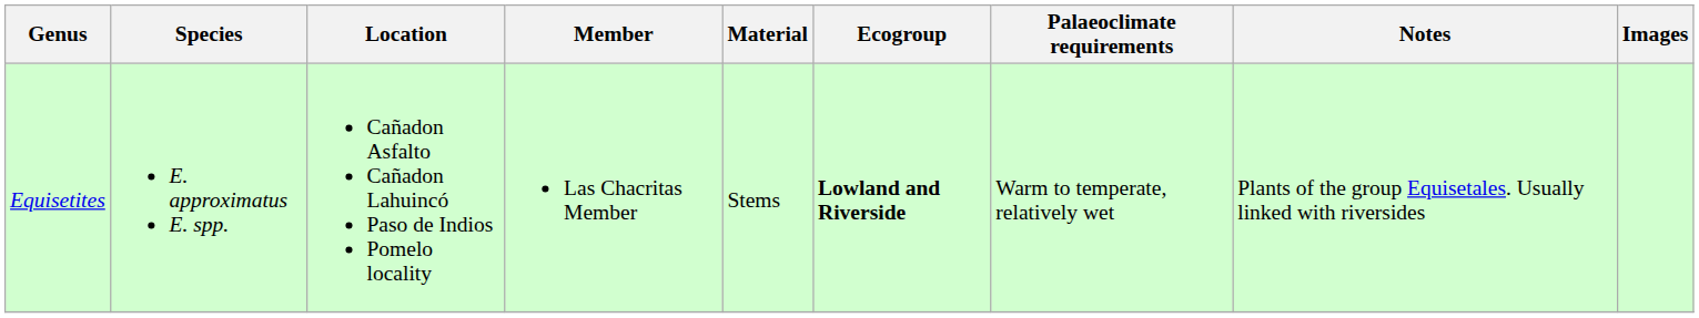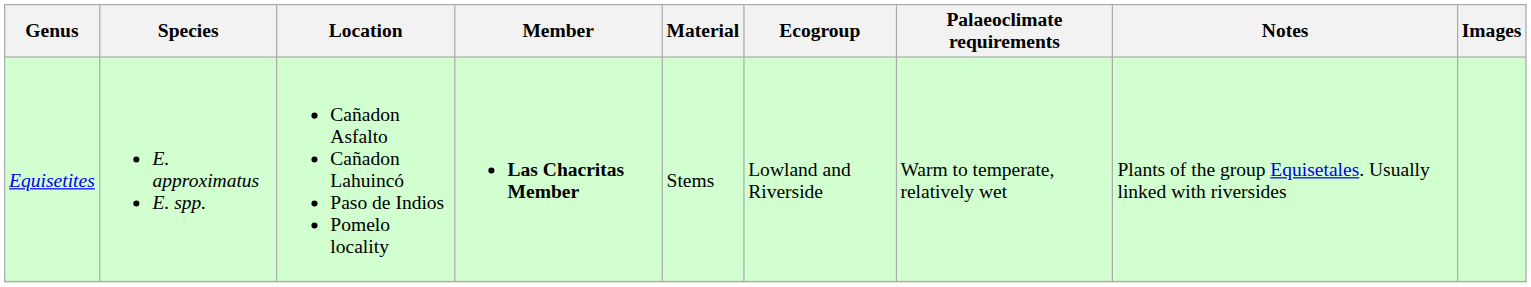 <table class="wikitable sortable">
 <tr>
 <th>Genus</th>
 <th>Species</th>
 <th>Location</th>
 <th>Member</th>
 <th>Material</th>
 <th>Ecogroup</th>
 <th>Palaeoclimate requirements</th>
 <th>Notes</th>
 <th>Images</th>
 </tr>
 <tr>
 <td style="background:#D1FFCF;"><br><em><a href='#'>Equisetites</a></em></td>
 <td style="background:#D1FFCF;"><br><ul><li><em>E. approximatus</em></li><li><em>E. spp.</em></li></ul></td>
 <td style="background:#D1FFCF;"><br><ul><li>Cañadon Asfalto</li><li>Cañadon Lahuincó</li><li>Paso de Indios</li><li>Pomelo locality</li></ul></td>
-<td style="background:#D1FFCF;"><br><ul><li>Las Chacritas Member</li></ul></td>
+<td style="background:#D1FFCF;"><strong><br><ul><li>Las Chacritas Member</li></ul></strong></td>
 <td style="background:#D1FFCF;"><br>Stems</td>
-<td style="background:#D1FFCF;"><strong><br>Lowland and Riverside</strong></td>
+<td style="background:#D1FFCF;"><br>Lowland and Riverside</td>
 <td style="background:#D1FFCF;"><br>Warm to temperate, relatively wet</td>
 <td style="background:#D1FFCF;"><br>Plants of the group <a href='#'>Equisetales</a>. Usually linked with riversides</td>
 <td style="background:#D1FFCF;"><br></td>
 </tr>
 <tr>
 </tr>
 </table>
